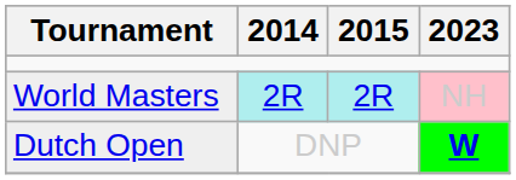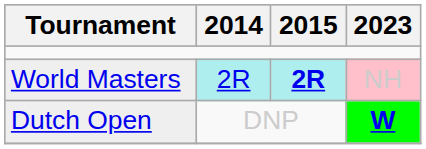 <table class="wikitable" style="width:20%; margin:0">
 <tr>
 <th>Tournament</th>
 <th>2014</th>
 <th>2015</th>
 <th>2023</th>
 </tr>
 <tr>
 <td colspan="31" align="left"><strong></strong></td>
 </tr>
 <tr>
 <td style="background:#efefef;" align=left><a href='#'>World Masters</a></td>
 <td style="text-align:center; background:#afeeee;"><a href='#'>2R</a></td>
-<td style="text-align:center; background:#afeeee;"><a href='#'>2R</a></td>
+<td style="text-align:center; background:#afeeee;"><strong><a href='#'>2R</a></strong></td>
 <td style="background: pink; text-align:center; color:#ccc;">NH</td>
 </tr>
 <tr>
 <td style="background:#efefef;"><a href='#'>Dutch Open</a></td>
 <td colspan="2" style="text-align:center; color:#ccc;">DNP</td>
 <td style="text-align:center; background:lime;"><strong><a href='#'>W</a></strong></td>
 </tr>
 <tr>
 </tr>
 </table>
